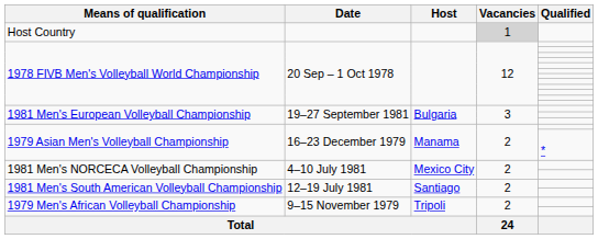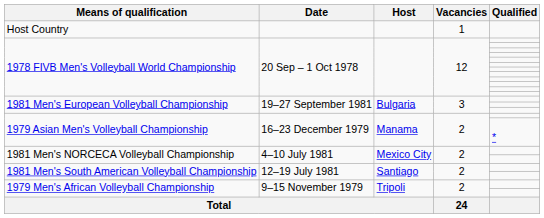 <table class="wikitable">
 <tr>
 <th>Means of qualification</th>
 <th>Date</th>
 <th>Host</th>
 <th>Vacancies</th>
 <th>Qualified</th>
 </tr>
 <tr>
 <td>Host Country</td>
 <td></td>
 <td></td>
-<td align=center style="background: lightgrey;">1</td>
+<td align=center>1</td>
 <td></td>
 </tr>
 <tr>
 <td rowspan=12><a href='#'>1978 FIVB Men's Volleyball World Championship</a></td>
 <td rowspan=12>20 Sep – 1 Oct 1978</td>
 <td rowspan=12></td>
 <td rowspan=12 align=center>12</td>
 <td></td>
 </tr>
 <tr>
 <td></td>
 </tr>
 <tr>
 <td></td>
 </tr>
 <tr>
 <td></td>
 </tr>
 <tr>
 <td></td>
 </tr>
 <tr>
 <td></td>
 </tr>
 <tr>
 <td></td>
 </tr>
 <tr>
 <td></td>
 </tr>
 <tr>
 <td></td>
 </tr>
 <tr>
 <td></td>
 </tr>
 <tr>
 <td></td>
 </tr>
 <tr>
 <td></td>
 </tr>
 <tr>
 <td rowspan=3><a href='#'>1981 Men's European Volleyball Championship</a></td>
 <td rowspan=3>19–27 September 1981</td>
 <td rowspan=3> <a href='#'>Bulgaria</a></td>
 <td rowspan=3 align=center>3</td>
 <td></td>
 </tr>
 <tr>
 <td></td>
 </tr>
 <tr>
 <td></td>
 </tr>
 <tr>
 <td rowspan=2><a href='#'>1979 Asian Men's Volleyball Championship</a></td>
 <td rowspan=2>16–23 December 1979</td>
 <td rowspan=2> <a href='#'>Manama</a></td>
 <td rowspan=2 align=center>2</td>
 <td></td>
 </tr>
 <tr>
 <td><s></s><br><a href='#'>*</a></td>
 </tr>
 <tr>
 <td rowspan=2>1981 Men's NORCECA Volleyball Championship</td>
 <td rowspan=2>4–10 July 1981</td>
 <td rowspan=2> <a href='#'>Mexico City</a></td>
 <td rowspan=2 align=center>2</td>
 <td></td>
 </tr>
 <tr>
 <td></td>
 </tr>
 <tr>
 <td rowspan=2><a href='#'>1981 Men's South American Volleyball Championship</a></td>
 <td rowspan=2>12–19 July 1981</td>
 <td rowspan=2> <a href='#'>Santiago</a></td>
 <td rowspan=2 align=center>2</td>
 <td></td>
 </tr>
 <tr>
 <td></td>
 </tr>
 <tr>
 <td rowspan=2><a href='#'>1979 Men's African Volleyball Championship</a></td>
 <td rowspan=2>9–15 November 1979</td>
 <td rowspan=2> <a href='#'>Tripoli</a></td>
 <td rowspan=2 align=center>2</td>
 <td></td>
 </tr>
 <tr>
 <td></td>
 </tr>
 <tr>
 <th colspan="3">Total</th>
 <th>24</th>
 <th></th>
 </tr>
 </table>
